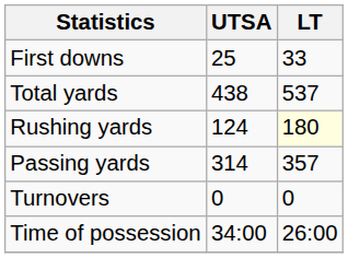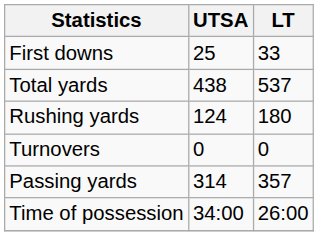 <table class="wikitable">
 <tr>
 <th>Statistics</th>
 <th>UTSA</th>
 <th>LT</th>
 </tr>
 <tr>
 <td>First downs</td>
 <td>25</td>
 <td>33</td>
 </tr>
 <tr>
 <td>Total yards</td>
 <td>438</td>
 <td>537</td>
 </tr>
 <tr>
 <td>Rushing yards</td>
 <td>124</td>
-<td style="background: lightyellow;">180</td>
+<td>180</td>
+</tr>
+<tr>
+<td>Turnovers</td>
+<td>0</td>
+<td>0</td>
 </tr>
 <tr>
 <td>Passing yards</td>
 <td>314</td>
 <td>357</td>
-</tr>
-<tr>
-<td>Turnovers</td>
-<td>0</td>
-<td>0</td>
 </tr>
 <tr>
 <td>Time of possession</td>
 <td>34:00</td>
 <td>26:00</td>
 </tr>
 <tr>
 </tr>
 </table>
